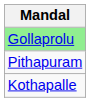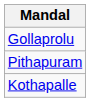 <table class="wikitable sortable static-row-numbers static-row-header-hash">
 <tr>
 <th>Mandal</th>
 </tr>
 <tr>
-<td style="background: lightgreen;"><a href='#'>Gollaprolu</a></td>
+<td><a href='#'>Gollaprolu</a></td>
 </tr>
 <tr>
 <td><a href='#'>Pithapuram</a></td>
 </tr>
 <tr>
 <td><a href='#'>Kothapalle</a></td>
 </tr>
 </table>
